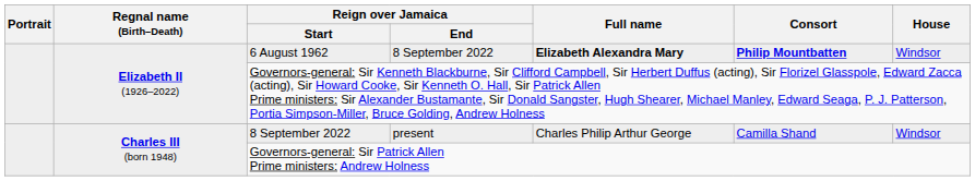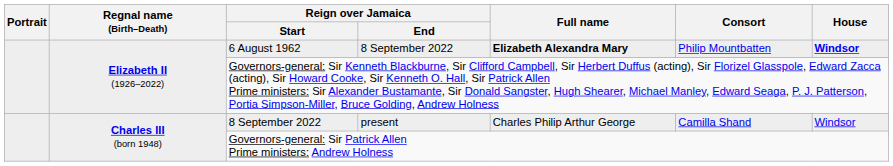 <table class="wikitable" style="width:100%;">
 <tr>
 <th rowspan="2">Portrait</th>
 <th rowspan="2" style="width:20%;">Regnal name<br><small>(Birth–Death)</small></th>
 <th colspan=2>Reign over Jamaica</th>
 <th rowspan="2">Full name</th>
 <th rowspan="2">Consort</th>
 <th rowspan="2">House</th>
 </tr>
 <tr>
 <th>Start</th>
 <th>End</th>
 </tr>
 <tr style="background:#eee;">
 <td rowspan="2" style="text-align:center;"></td>
 <td rowspan="2" style="text-align:center;"><strong><a href='#'>Elizabeth II</a></strong><br><small>(1926–2022)</small></td>
 <td>6 August 1962</td>
 <td>8 September 2022</td>
 <td><strong>Elizabeth Alexandra Mary</strong></td>
-<td><strong><a href='#'>Philip Mountbatten</a></strong></td>
-<td><a href='#'>Windsor</a></td>
+<td><a href='#'>Philip Mountbatten</a></td>
+<td><strong><a href='#'>Windsor</a></strong></td>
 </tr>
 <tr>
 <td colspan="5"><u>Governors-general:</u> Sir <a href='#'>Kenneth Blackburne</a>, Sir <a href='#'>Clifford Campbell</a>, Sir <a href='#'>Herbert Duffus</a> (acting), Sir <a href='#'>Florizel Glasspole</a>, <a href='#'>Edward Zacca</a> (acting), Sir <a href='#'>Howard Cooke</a>, Sir <a href='#'>Kenneth O. Hall</a>, Sir <a href='#'>Patrick Allen</a><br><u>Prime ministers:</u> Sir <a href='#'>Alexander Bustamante</a>, Sir <a href='#'>Donald Sangster</a>, <a href='#'>Hugh Shearer</a>, <a href='#'>Michael Manley</a>, <a href='#'>Edward Seaga</a>, <a href='#'>P. J. Patterson</a>, <a href='#'>Portia Simpson-Miller</a>, <a href='#'>Bruce Golding</a>, <a href='#'>Andrew Holness</a></td>
 </tr>
 <tr style="background:#eee;">
 <td rowspan="2" style="text-align:center;"></td>
 <td rowspan="2" style="text-align:center;"><strong><a href='#'>Charles III</a></strong><br><small>(born 1948)</small></td>
 <td>8 September 2022</td>
 <td>present</td>
 <td>Charles Philip Arthur George</td>
 <td><a href='#'>Camilla Shand</a></td>
 <td><a href='#'>Windsor</a></td>
 </tr>
 <tr>
 <td colspan="5"><u>Governors-general:</u> Sir <a href='#'>Patrick Allen</a><br><u>Prime ministers:</u> <a href='#'>Andrew Holness</a></td>
 </tr>
 </table>
